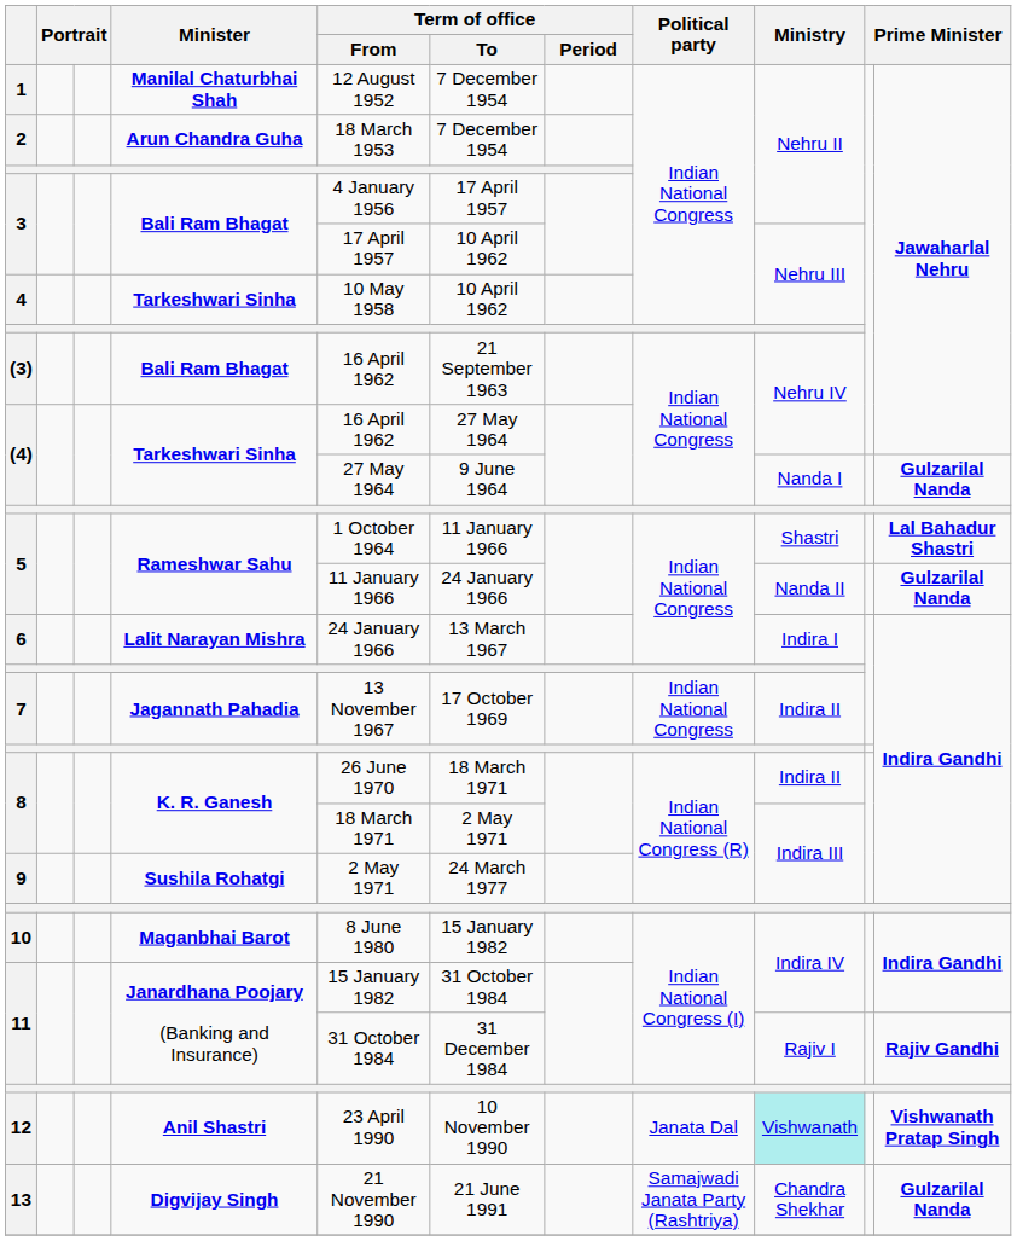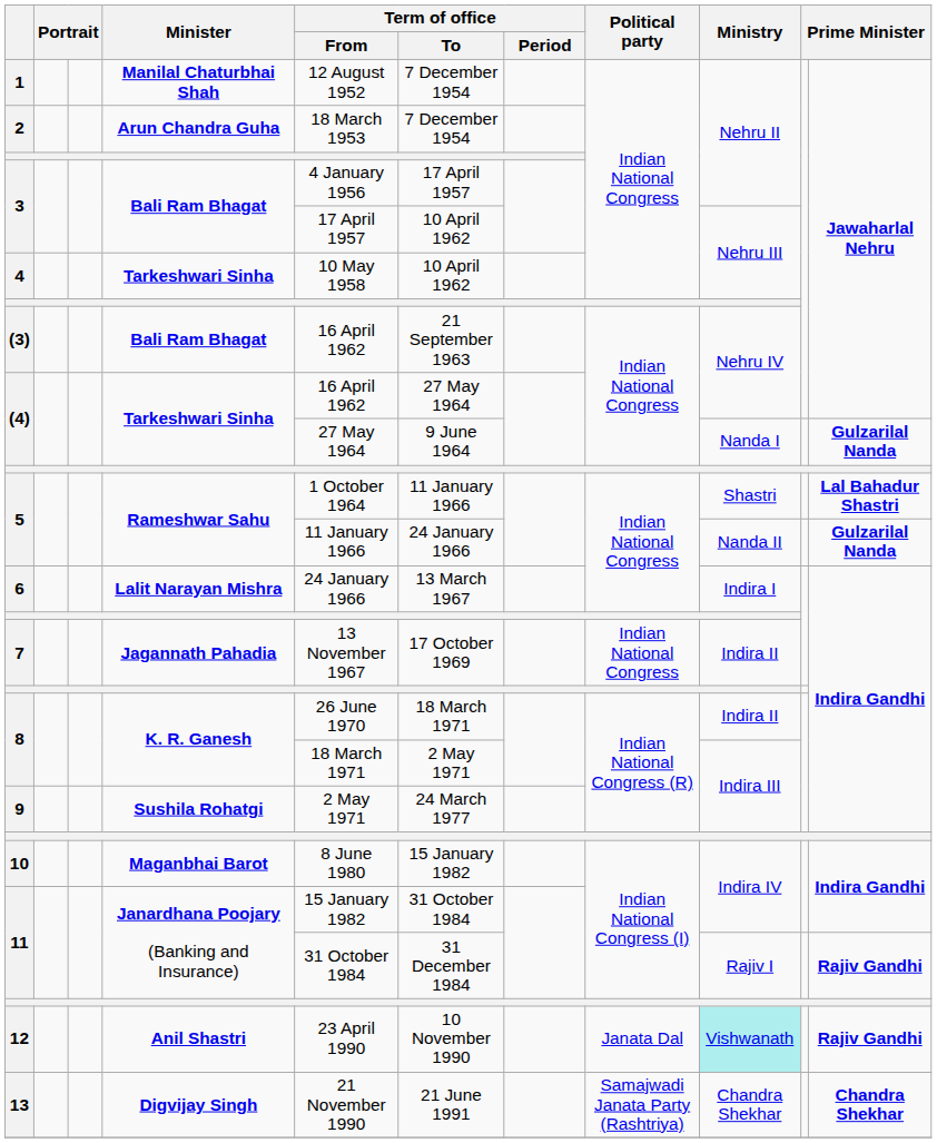 <table class="wikitable" style="text-align:center">
 <tr>
 <th rowspan="2"></th>
 <th rowspan="2" colspan="2">Portrait</th>
 <th rowspan="2" style="width:18em">Minister<br></th>
 <th colspan="3">Term of office</th>
 <th rowspan="2" style="width:8em">Political party</th>
 <th rowspan="2" style="width:6em">Ministry</th>
 <th rowspan="2" colspan="2">Prime Minister</th>
 </tr>
 <tr>
 <th style="width:7em">From</th>
 <th style="width:7em">To</th>
 <th style="width:6em">Period</th>
 </tr>
 <tr>
 <th>1</th>
 <td></td>
 <td></td>
 <td><strong><a href='#'>Manilal Chaturbhai Shah</a></strong><br></td>
 <td>12 August<br>1952</td>
 <td>7 December<br>1954</td>
 <td><strong></strong></td>
 <td rowspan="6"><a href='#'>Indian National Congress</a></td>
 <td rowspan="4"><a href='#'>Nehru II</a></td>
 <td rowspan="9"></td>
 <td rowspan="9" style="width:9em"><strong><a href='#'>Jawaharlal Nehru</a></strong></td>
 </tr>
 <tr>
 <th>2</th>
 <td></td>
 <td></td>
 <td><strong><a href='#'>Arun Chandra Guha</a></strong><br></td>
 <td>18 March<br>1953</td>
 <td>7 December<br>1954</td>
 <td><strong></strong></td>
 </tr>
 <tr>
 <th colspan="7"></th>
 </tr>
 <tr>
 <th rowspan="2">3</th>
 <td rowspan="2"></td>
 <td rowspan="2"></td>
 <td rowspan="2"><strong><a href='#'>Bali Ram Bhagat</a></strong><br></td>
 <td>4 January<br>1956</td>
 <td>17 April<br>1957</td>
 <td rowspan="2"><strong></strong></td>
 </tr>
 <tr>
 <td>17 April<br>1957</td>
 <td>10 April<br>1962</td>
 <td rowspan="2"><a href='#'>Nehru III</a></td>
 </tr>
 <tr>
 <th>4</th>
 <td></td>
 <td></td>
 <td><strong><a href='#'>Tarkeshwari Sinha</a></strong><br></td>
 <td>10 May<br>1958</td>
 <td>10 April<br>1962</td>
 <td><strong></strong></td>
 </tr>
 <tr>
 <th colspan="9"></th>
 </tr>
 <tr>
 <th>(3)</th>
 <td></td>
 <td></td>
 <td><strong><a href='#'>Bali Ram Bhagat</a></strong><br></td>
 <td>16 April<br>1962</td>
 <td>21 September<br>1963</td>
 <td><strong></strong></td>
 <td rowspan="3"><a href='#'>Indian National Congress</a></td>
 <td rowspan="2"><a href='#'>Nehru IV</a></td>
 </tr>
 <tr>
 <th rowspan="2">(4)</th>
 <td rowspan="2"></td>
 <td rowspan="2"></td>
 <td rowspan="2"><strong><a href='#'>Tarkeshwari Sinha</a></strong><br></td>
 <td>16 April<br>1962</td>
 <td>27 May<br>1964</td>
 <td rowspan="2"><strong></strong></td>
 </tr>
 <tr>
 <td>27 May<br>1964</td>
 <td>9 June<br>1964</td>
 <td><a href='#'>Nanda I</a></td>
 <td></td>
 <td><strong><a href='#'>Gulzarilal Nanda</a></strong></td>
 </tr>
 <tr>
 <th colspan="11"></th>
 </tr>
 <tr>
 <th rowspan="2">5</th>
 <td rowspan="2"></td>
 <td rowspan="2"></td>
 <td rowspan="2"><strong><a href='#'>Rameshwar Sahu</a></strong><br></td>
 <td>1 October<br>1964</td>
 <td>11 January<br>1966</td>
 <td rowspan="2"><strong></strong></td>
 <td rowspan="3"><a href='#'>Indian National Congress</a></td>
 <td><a href='#'>Shastri</a></td>
 <td></td>
 <td><strong><a href='#'>Lal Bahadur Shastri</a></strong></td>
 </tr>
 <tr>
 <td>11 January<br>1966</td>
 <td>24 January<br>1966</td>
 <td><a href='#'>Nanda II</a></td>
 <td></td>
 <td><strong><a href='#'>Gulzarilal Nanda</a></strong></td>
 </tr>
 <tr>
 <th>6</th>
 <td></td>
 <td></td>
 <td><strong><a href='#'>Lalit Narayan Mishra</a></strong><br></td>
 <td>24 January<br>1966</td>
 <td>13 March<br>1967</td>
 <td><strong></strong></td>
 <td><a href='#'>Indira I</a></td>
 <td rowspan="3"></td>
 <td rowspan="7"><strong><a href='#'>Indira Gandhi</a></strong></td>
 </tr>
 <tr>
 <th colspan="9"></th>
 </tr>
 <tr>
 <th>7</th>
 <td></td>
 <td></td>
 <td><strong><a href='#'>Jagannath Pahadia</a></strong><br></td>
 <td>13 November<br>1967</td>
 <td>17 October<br>1969</td>
 <td><strong></strong></td>
 <td><a href='#'>Indian National Congress</a></td>
 <td><a href='#'>Indira II</a></td>
 </tr>
 <tr>
 <th colspan="9"></th>
 </tr>
 <tr>
 <th rowspan="2">8</th>
 <td rowspan="2"></td>
 <td rowspan="2"></td>
 <td rowspan="2"><strong><a href='#'>K. R. Ganesh</a></strong><br></td>
 <td>26 June<br>1970</td>
 <td>18 March<br>1971</td>
 <td rowspan="2"><strong></strong></td>
 <td rowspan="3"><a href='#'>Indian National Congress (R)</a></td>
 <td><a href='#'>Indira II</a></td>
 <td rowspan="3"></td>
 </tr>
 <tr>
 <td>18 March<br>1971</td>
 <td>2 May<br>1971</td>
 <td rowspan="2"><a href='#'>Indira III</a></td>
 </tr>
 <tr>
 <th>9</th>
 <td></td>
 <td></td>
 <td><strong><a href='#'>Sushila Rohatgi</a></strong><br></td>
 <td>2 May<br>1971</td>
 <td>24 March<br>1977</td>
 <td><strong></strong></td>
 </tr>
 <tr>
 <th colspan="11"></th>
 </tr>
 <tr>
 <th>10</th>
 <td></td>
 <td></td>
 <td><strong><a href='#'>Maganbhai Barot</a></strong><br></td>
 <td>8 June<br>1980</td>
 <td>15 January<br>1982</td>
 <td><strong></strong></td>
 <td rowspan="3"><a href='#'>Indian National Congress (I)</a></td>
 <td rowspan="2"><a href='#'>Indira IV</a></td>
 <td rowspan="2"></td>
 <td rowspan="2"><strong><a href='#'>Indira Gandhi</a></strong></td>
 </tr>
 <tr>
 <th rowspan="2">11</th>
 <td rowspan="2"></td>
 <td rowspan="2"></td>
 <td rowspan="2"><strong><a href='#'>Janardhana Poojary</a></strong><br><br>(Banking and Insurance)</td>
 <td>15 January<br>1982</td>
 <td>31 October<br>1984</td>
 <td rowspan="2"><strong></strong></td>
 </tr>
 <tr>
 <td>31 October<br>1984</td>
 <td>31 December<br>1984</td>
 <td><a href='#'>Rajiv I</a></td>
 <td></td>
 <td><strong><a href='#'>Rajiv Gandhi</a></strong></td>
 </tr>
 <tr>
 <th colspan="11"></th>
 </tr>
 <tr>
 <th>12</th>
 <td></td>
 <td></td>
 <td><strong><a href='#'>Anil Shastri</a></strong><br></td>
 <td>23 April<br>1990</td>
 <td>10 November<br>1990</td>
 <td><strong></strong></td>
 <td><a href='#'>Janata Dal</a></td>
 <td style="background: paleturquoise;"><a href='#'>Vishwanath</a></td>
 <td></td>
-<td><strong><a href='#'>Vishwanath Pratap Singh</a></strong></td>
+<td><strong><a href='#'>Rajiv Gandhi</a></strong></td>
 </tr>
 <tr>
 <th>13</th>
 <td></td>
 <td></td>
 <td><strong><a href='#'>Digvijay Singh</a></strong><br></td>
 <td>21 November<br>1990</td>
 <td>21 June<br>1991</td>
 <td><strong></strong></td>
 <td><a href='#'>Samajwadi Janata Party (Rashtriya)</a></td>
 <td><a href='#'>Chandra Shekhar</a></td>
 <td></td>
-<td><strong><a href='#'>Gulzarilal Nanda</a></strong></td>
+<td><strong><a href='#'>Chandra Shekhar</a></strong></td>
 </tr>
 <tr>
 </tr>
 </table>
